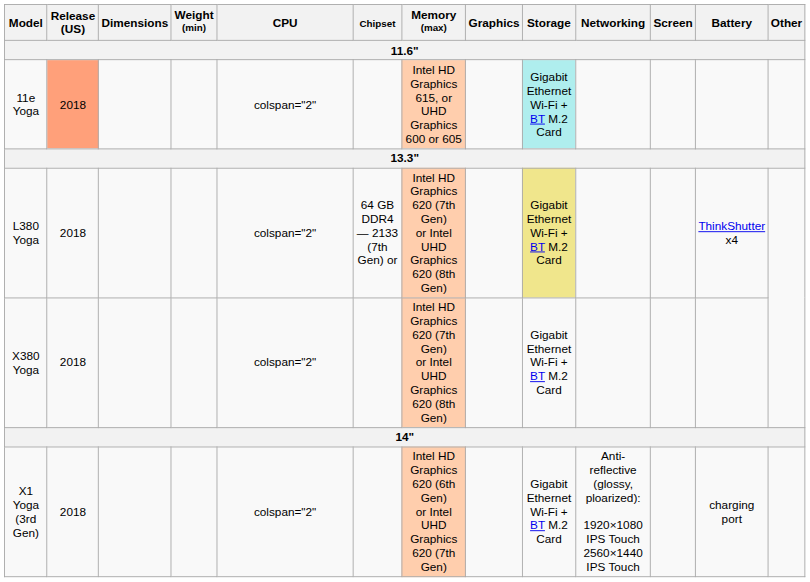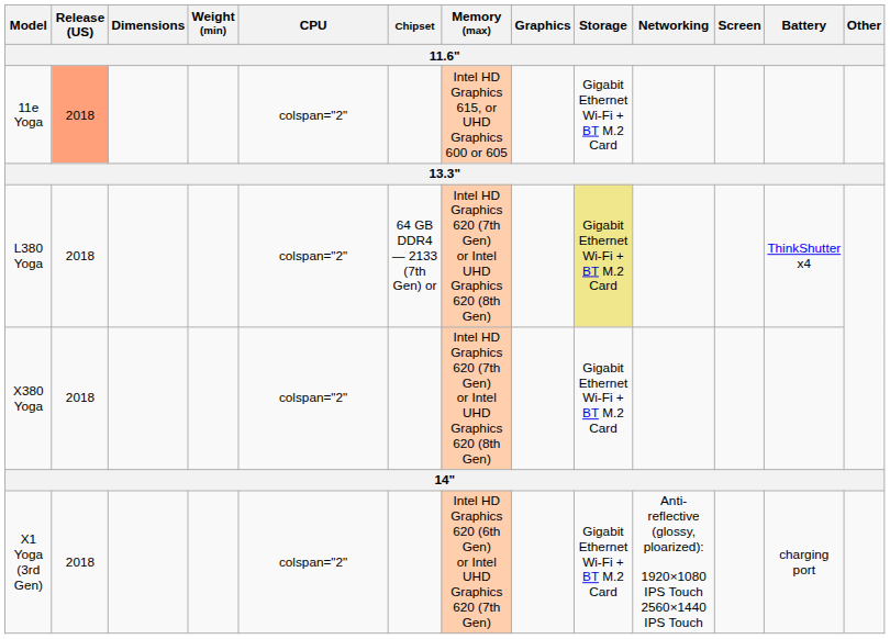 <table class="wikitable" style="font-size: 80%; text-align: center; min-width: 80%;">
 <tr>
 <th>Model</th>
 <th>Release (US)</th>
 <th>Dimensions</th>
 <th>Weight <sup>(min)</sup></th>
 <th style="width:17%">CPU</th>
 <th><small>Chipset</small></th>
 <th>Memory <sup>(max)</sup></th>
 <th>Graphics</th>
 <th>Storage</th>
 <th>Networking</th>
 <th>Screen</th>
 <th>Battery</th>
 <th>Other</th>
 </tr>
 <tr>
 <th colspan=13>11.6"</th>
 </tr>
 <tr>
 <td>11e Yoga </td>
 <td style="background: lightsalmon;">2018</td>
 <td></td>
 <td></td>
 <td>colspan="2" </td>
 <td></td>
 <td style="background:#ffcead;">Intel HD Graphics 615, or UHD Graphics 600 or 605</td>
 <td></td>
-<td style="background: paleturquoise;">Gigabit Ethernet<br>Wi-Fi + <a href='#'>BT</a> M.2 Card</td>
+<td>Gigabit Ethernet<br>Wi-Fi + <a href='#'>BT</a> M.2 Card</td>
 <td></td>
 <td></td>
 <td><br></td>
 </tr>
 <tr>
 <th colspan=13>13.3"</th>
 </tr>
 <tr>
 <td>L380 Yoga</td>
 <td>2018</td>
 <td></td>
 <td></td>
 <td>colspan="2" </td>
 <td style="background:">64 GB DDR4 — 2133 (7th Gen) or <br></td>
 <td style="background:#ffcead;">Intel HD Graphics 620 (7th Gen)<br>or Intel UHD Graphics 620 (8th Gen)</td>
 <td></td>
 <td style="background: khaki;"> Gigabit Ethernet<br>Wi-Fi + <a href='#'>BT</a> M.2 Card</td>
 <td></td>
 <td></td>
 <td><a href='#'>ThinkShutter</a><br> x4</td>
 </tr>
 <tr>
 <td>X380 Yoga</td>
 <td>2018</td>
 <td></td>
 <td></td>
 <td>colspan="2" </td>
 <td></td>
 <td style="background:#ffcead;">Intel HD Graphics 620 (7th Gen)<br>or Intel UHD Graphics 620 (8th Gen)</td>
 <td></td>
 <td> Gigabit Ethernet<br>Wi-Fi + <a href='#'>BT</a> M.2 Card<br><small></small></td>
 <td></td>
 <td></td>
 <td></td>
 </tr>
 <tr>
 <th colspan=13>14"</th>
 </tr>
 <tr>
 <td>X1 Yoga (3rd Gen)</td>
 <td>2018</td>
 <td></td>
 <td></td>
 <td>colspan="2" </td>
 <td></td>
 <td style="background:#ffcead;">Intel HD Graphics 620 (6th Gen)<br>or Intel UHD Graphics 620 (7th Gen)</td>
 <td></td>
 <td> Gigabit Ethernet<br>Wi-Fi + <a href='#'>BT</a> M.2 Card<br><small></small></td>
 <td style="background:">Anti-reflective (glossy, ploarized): <br><br>1920×1080 IPS Touch<br> 2560×1440 IPS Touch</td>
 <td></td>
 <td> charging port</td>
 </tr>
 </table>
